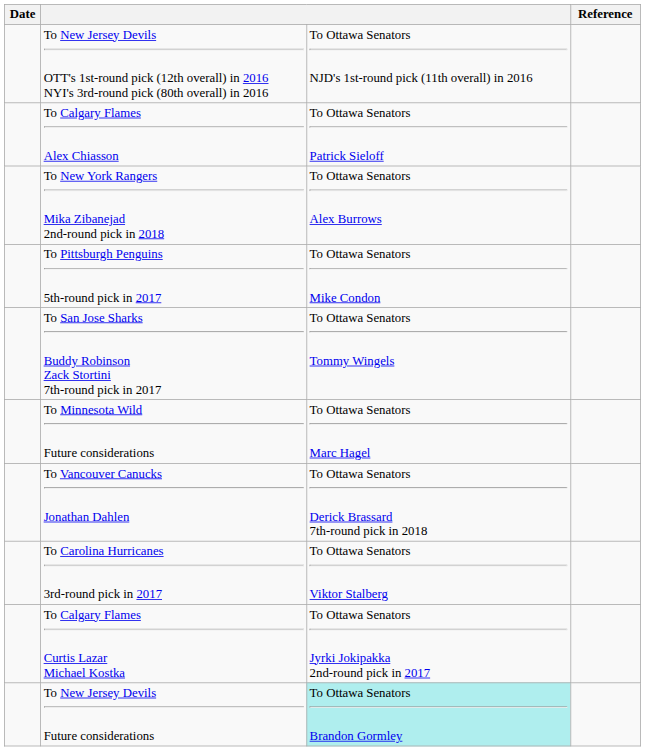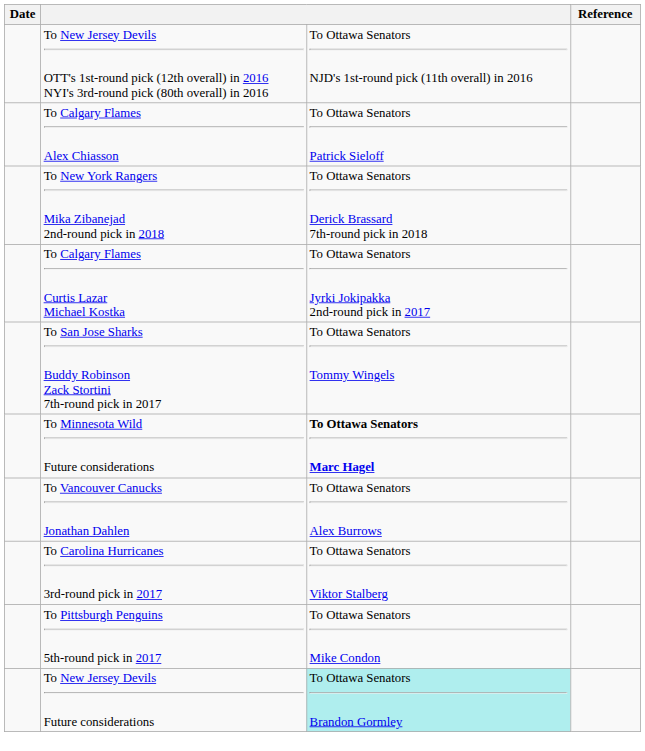 <table class="wikitable" style="border-collapse:collapse; width:90%;">
 <tr style="background:#ddd;">
 <th><strong>Date</strong></th>
 <th colspan="2"></th>
 <th><strong>Reference</strong></th>
 </tr>
 <tr>
 <td></td>
 <td valign="top">To <a href='#'>New Jersey Devils</a><hr><br>OTT's 1st-round pick (12th overall) in <a href='#'>2016</a><br>NYI's 3rd-round pick (80th overall) in 2016</td>
 <td valign="top">To Ottawa Senators<hr><br>NJD's 1st-round pick (11th overall) in 2016</td>
 <td></td>
 </tr>
 <tr>
 <td></td>
 <td valign="top">To <a href='#'>Calgary Flames</a><hr><br><a href='#'>Alex Chiasson</a></td>
 <td valign="top">To Ottawa Senators<hr><br><a href='#'>Patrick Sieloff</a></td>
 <td></td>
 </tr>
 <tr>
 <td></td>
 <td valign="top">To <a href='#'>New York Rangers</a><hr><br><a href='#'>Mika Zibanejad</a><br>2nd-round pick in <a href='#'>2018</a></td>
+<td valign="top">To Ottawa Senators<hr><br><a href='#'>Derick Brassard</a><br>7th-round pick in 2018</td>
+<td></td>
+</tr>
+<tr>
+<td></td>
+<td valign="top">To <a href='#'>Calgary Flames</a><hr><br><a href='#'>Curtis Lazar</a><br> <a href='#'>Michael Kostka</a></td>
+<td valign="top">To Ottawa Senators<hr><br><a href='#'>Jyrki Jokipakka</a><br> 2nd-round pick in <a href='#'>2017</a></td>
+<td><br></td>
+</tr>
+<tr>
+<td></td>
+<td valign="top">To <a href='#'>San Jose Sharks</a><hr><br><a href='#'>Buddy Robinson</a><br><a href='#'>Zack Stortini</a><br>7th-round pick in 2017</td>
+<td valign="top">To Ottawa Senators<hr><br><a href='#'>Tommy Wingels</a></td>
+<td></td>
+</tr>
+<tr>
+<td></td>
+<td valign="top">To <a href='#'>Minnesota Wild</a><hr><br>Future considerations</td>
+<td valign="top"><strong>To Ottawa Senators<hr><br><a href='#'>Marc Hagel</a></strong></td>
+<td></td>
+</tr>
+<tr>
+<td></td>
+<td valign="top">To <a href='#'>Vancouver Canucks</a><hr><br><a href='#'>Jonathan Dahlen</a></td>
 <td valign="top">To Ottawa Senators<hr><br><a href='#'>Alex Burrows</a></td>
+<td></td>
+</tr>
+<tr>
+<td></td>
+<td valign="top">To <a href='#'>Carolina Hurricanes</a><hr><br>3rd-round pick in <a href='#'>2017</a></td>
+<td valign="top">To Ottawa Senators<hr><br><a href='#'>Viktor Stalberg</a></td>
 <td></td>
 </tr>
 <tr>
 <td></td>
 <td valign="top">To <a href='#'>Pittsburgh Penguins</a><hr><br>5th-round pick in <a href='#'>2017</a></td>
 <td valign="top">To Ottawa Senators<hr><br><a href='#'>Mike Condon</a></td>
 <td></td>
 </tr>
 <tr>
 <td></td>
-<td valign="top">To <a href='#'>San Jose Sharks</a><hr><br><a href='#'>Buddy Robinson</a><br><a href='#'>Zack Stortini</a><br>7th-round pick in 2017</td>
-<td valign="top">To Ottawa Senators<hr><br><a href='#'>Tommy Wingels</a></td>
-<td></td>
-</tr>
-<tr>
-<td></td>
-<td valign="top">To <a href='#'>Minnesota Wild</a><hr><br>Future considerations</td>
-<td valign="top">To Ottawa Senators<hr><br><a href='#'>Marc Hagel</a></td>
-<td></td>
-</tr>
-<tr>
-<td></td>
-<td valign="top">To <a href='#'>Vancouver Canucks</a><hr><br><a href='#'>Jonathan Dahlen</a></td>
-<td valign="top">To Ottawa Senators<hr><br><a href='#'>Derick Brassard</a><br>7th-round pick in 2018</td>
-<td></td>
-</tr>
-<tr>
-<td></td>
-<td valign="top">To <a href='#'>Carolina Hurricanes</a><hr><br>3rd-round pick in <a href='#'>2017</a></td>
-<td valign="top">To Ottawa Senators<hr><br><a href='#'>Viktor Stalberg</a></td>
-<td></td>
-</tr>
-<tr>
-<td></td>
-<td valign="top">To <a href='#'>Calgary Flames</a><hr><br><a href='#'>Curtis Lazar</a><br> <a href='#'>Michael Kostka</a></td>
-<td valign="top">To Ottawa Senators<hr><br><a href='#'>Jyrki Jokipakka</a><br> 2nd-round pick in <a href='#'>2017</a></td>
-<td><br></td>
-</tr>
-<tr>
-<td></td>
 <td valign="top">To <a href='#'>New Jersey Devils</a><hr><br>Future considerations</td>
 <td valign="top" style="background: paleturquoise;">To Ottawa Senators<hr><br><a href='#'>Brandon Gormley</a></td>
 <td></td>
 </tr>
 </table>
